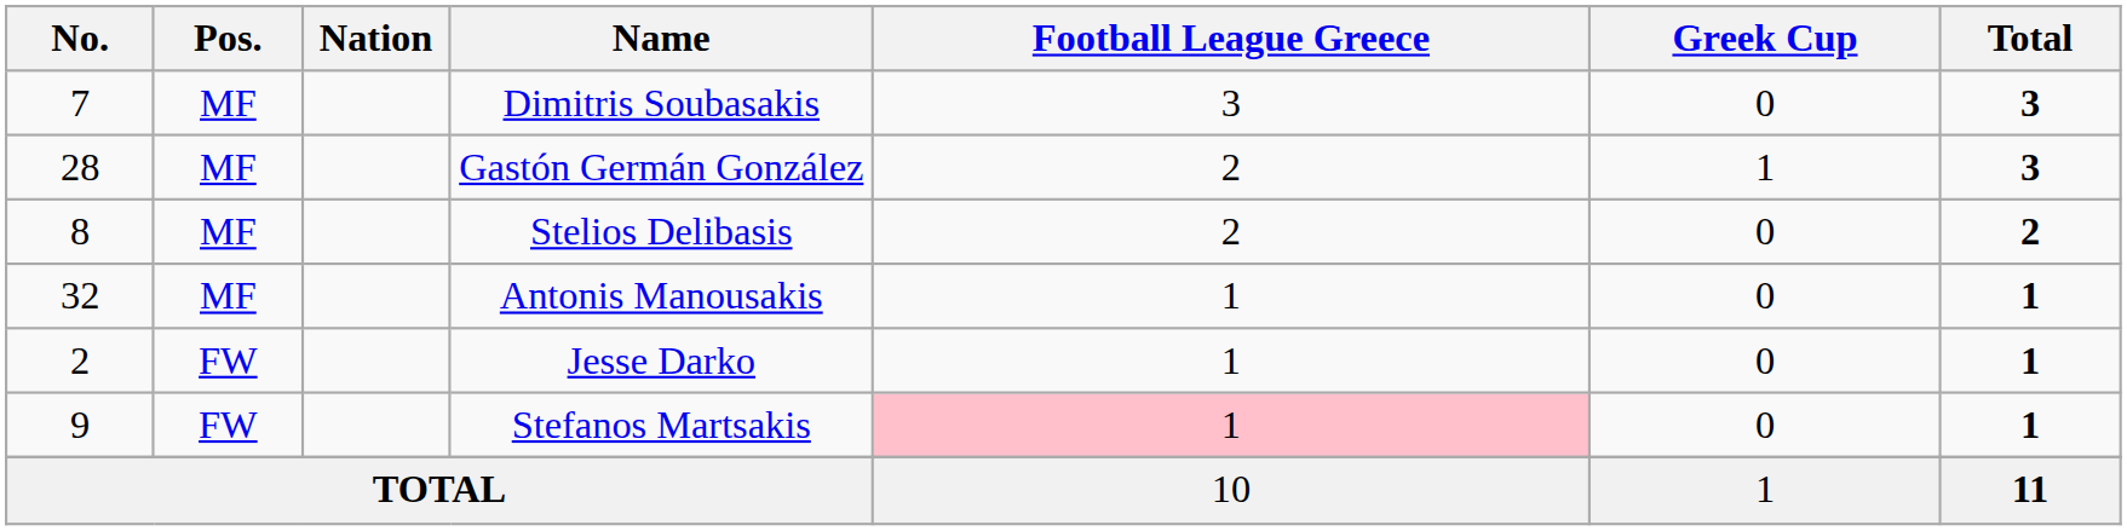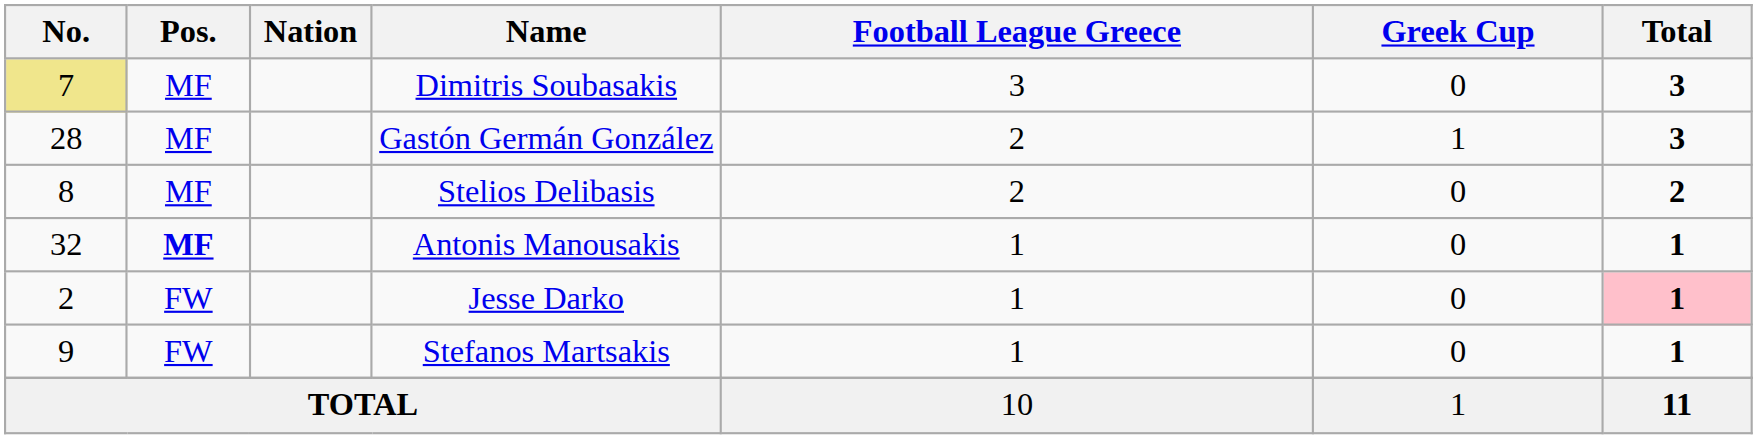 <table class="wikitable sortable" style="font-size: 95%; text-align: center;">
 <tr>
 <th width="7%">No.</th>
 <th width="7%">Pos.</th>
 <th width="7%">Nation</th>
 <th width="20%">Name</th>
 <th><a href='#'>Football League Greece</a></th>
 <th><a href='#'>Greek Cup</a></th>
 <th>Total</th>
 </tr>
 <tr>
-<td>7</td>
+<td style="background: khaki;">7</td>
 <td><a href='#'>MF</a></td>
 <td></td>
 <td><a href='#'>Dimitris Soubasakis</a></td>
 <td>3 </td>
 <td>0 </td>
 <td><strong>3</strong> </td>
 </tr>
 <tr>
 <td>28</td>
 <td><a href='#'>MF</a></td>
 <td></td>
 <td><a href='#'>Gastón Germán González</a></td>
 <td>2 </td>
 <td>1 </td>
 <td><strong>3</strong> </td>
 </tr>
 <tr>
 <td>8</td>
 <td><a href='#'>MF</a></td>
 <td></td>
 <td><a href='#'>Stelios Delibasis</a></td>
 <td>2 </td>
 <td>0 </td>
 <td><strong>2</strong> </td>
 </tr>
 <tr>
 <td>32</td>
-<td><a href='#'>MF</a></td>
+<td><strong><a href='#'>MF</a></strong></td>
 <td></td>
 <td><a href='#'>Antonis Manousakis</a></td>
 <td>1 </td>
 <td>0 </td>
 <td><strong>1</strong> </td>
 </tr>
 <tr>
 <td>2</td>
 <td><a href='#'>FW</a></td>
 <td></td>
 <td><a href='#'>Jesse Darko</a></td>
 <td>1 </td>
 <td>0 </td>
-<td><strong>1</strong> </td>
+<td style="background: pink;"><strong>1</strong> </td>
 </tr>
 <tr>
 <td>9</td>
 <td><a href='#'>FW</a></td>
 <td></td>
 <td><a href='#'>Stefanos Martsakis</a></td>
-<td style="background: pink;">1 </td>
+<td>1 </td>
 <td>0 </td>
 <td><strong>1</strong> </td>
 </tr>
 <tr>
 </tr>
 <tr bgcolor="F1F1F1" >
 <td colspan=4><strong>TOTAL</strong></td>
 <td>10 </td>
 <td>1 </td>
 <td><strong>11</strong> </td>
 </tr>
 </table>
